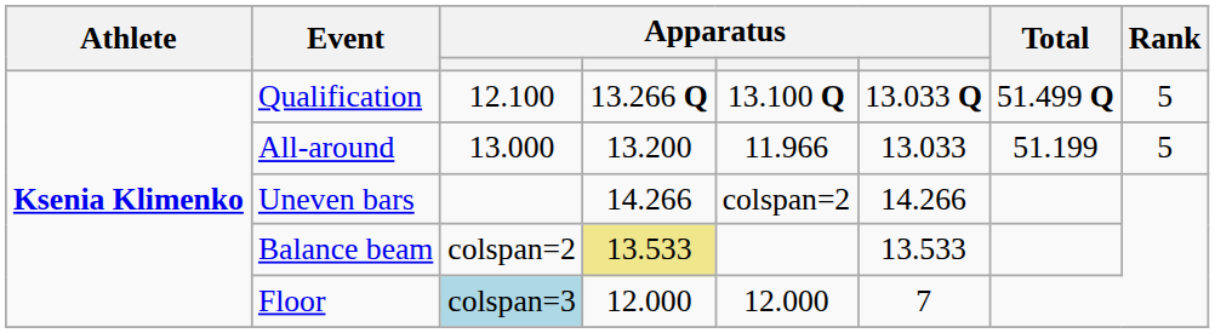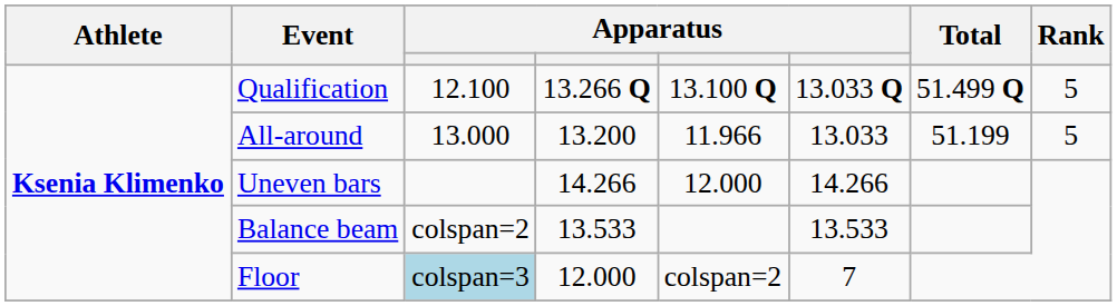 <table class="wikitable" style="text-align:center;font-size:90%">
 <tr>
 <th rowspan=2>Athlete</th>
 <th rowspan=2>Event</th>
 <th colspan=4>Apparatus</th>
 <th rowspan=2>Total</th>
 <th rowspan=2>Rank</th>
 </tr>
 <tr style="font-size:95%">
 <th></th>
 <th></th>
 <th></th>
 <th></th>
 </tr>
 <tr>
 <td rowspan=5 align=left><strong><a href='#'>Ksenia Klimenko</a></strong></td>
 <td align=left><a href='#'>Qualification</a></td>
 <td>12.100</td>
 <td>13.266 <strong>Q</strong></td>
 <td>13.100 <strong>Q</strong></td>
 <td>13.033 <strong>Q</strong></td>
 <td>51.499 <strong>Q</strong></td>
 <td>5</td>
 </tr>
 <tr>
 <td align=left><a href='#'>All-around</a></td>
 <td>13.000</td>
 <td>13.200</td>
 <td>11.966</td>
 <td>13.033</td>
 <td>51.199</td>
 <td>5</td>
 </tr>
 <tr>
 <td align=left><a href='#'>Uneven bars</a></td>
 <td></td>
 <td>14.266</td>
-<td>colspan=2 </td>
+<td>12.000</td>
 <td>14.266</td>
 <td></td>
 </tr>
 <tr>
 <td align=left><a href='#'>Balance beam</a></td>
 <td>colspan=2 </td>
-<td style="background: khaki;">13.533</td>
+<td>13.533</td>
 <td></td>
 <td>13.533</td>
 <td></td>
 </tr>
 <tr>
 <td align=left><a href='#'>Floor</a></td>
 <td style="background: lightblue;">colspan=3 </td>
 <td>12.000</td>
-<td>12.000</td>
+<td>colspan=2 </td>
 <td>7</td>
 </tr>
 </table>
